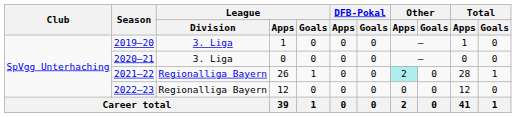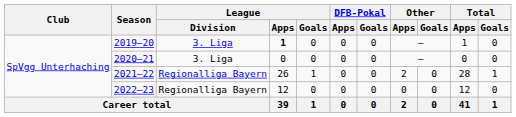 <table class="wikitable" style="text-align:center">
 <tr>
 <th rowspan="2">Club</th>
 <th rowspan="2">Season</th>
 <th colspan="3">League</th>
 <th colspan="2"><a href='#'>DFB-Pokal</a></th>
 <th colspan="2">Other</th>
 <th colspan="2">Total</th>
 </tr>
 <tr>
 <th>Division</th>
 <th>Apps</th>
 <th>Goals</th>
 <th>Apps</th>
 <th>Goals</th>
 <th>Apps</th>
 <th>Goals</th>
 <th>Apps</th>
 <th>Goals</th>
 </tr>
 <tr>
 <td rowspan="4"><a href='#'>SpVgg Unterhaching</a></td>
 <td><a href='#'>2019–20</a></td>
 <td><a href='#'>3. Liga</a></td>
-<td>1</td>
+<td><strong>1</strong></td>
 <td>0</td>
 <td>0</td>
 <td>0</td>
 <td colspan="2">—</td>
 <td>1</td>
 <td>0</td>
 </tr>
 <tr>
 <td><a href='#'>2020–21</a></td>
 <td>3. Liga</td>
 <td>0</td>
 <td>0</td>
 <td>0</td>
 <td>0</td>
 <td colspan="2">—</td>
 <td>0</td>
 <td>0</td>
 </tr>
 <tr>
 <td><a href='#'>2021–22</a></td>
 <td><a href='#'>Regionalliga Bayern</a></td>
 <td>26</td>
 <td>1</td>
 <td>0</td>
 <td>0</td>
-<td style="background: paleturquoise;">2</td>
+<td>2</td>
 <td>0</td>
 <td>28</td>
 <td>1</td>
 </tr>
 <tr>
 <td><a href='#'>2022–23</a></td>
 <td>Regionalliga Bayern</td>
 <td>12</td>
 <td>0</td>
 <td>0</td>
 <td>0</td>
 <td>0</td>
 <td>0</td>
 <td>12</td>
 <td>0</td>
 </tr>
 <tr>
 <th colspan="3">Career total</th>
 <th>39</th>
 <th>1</th>
 <th>0</th>
 <th>0</th>
 <th>2</th>
 <th>0</th>
 <th>41</th>
 <th>1</th>
 </tr>
 </table>
